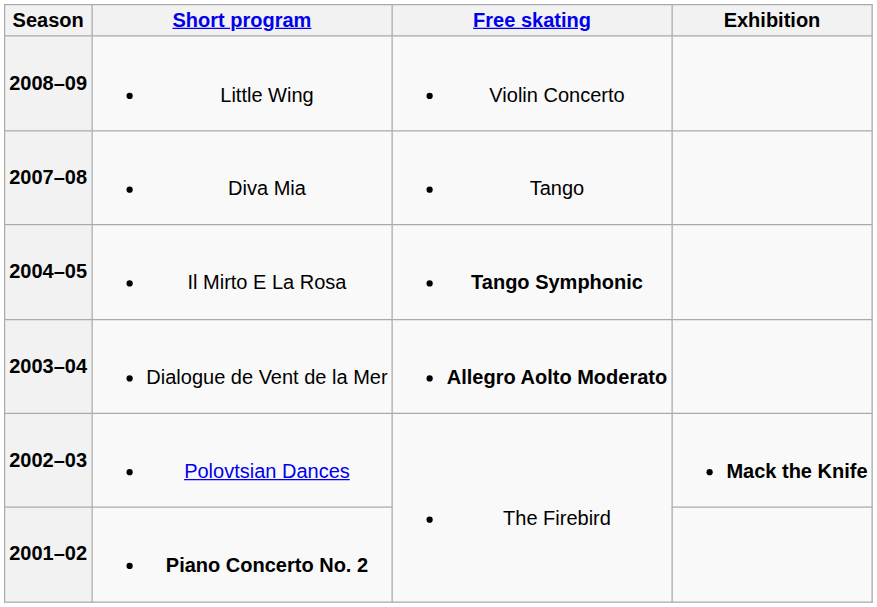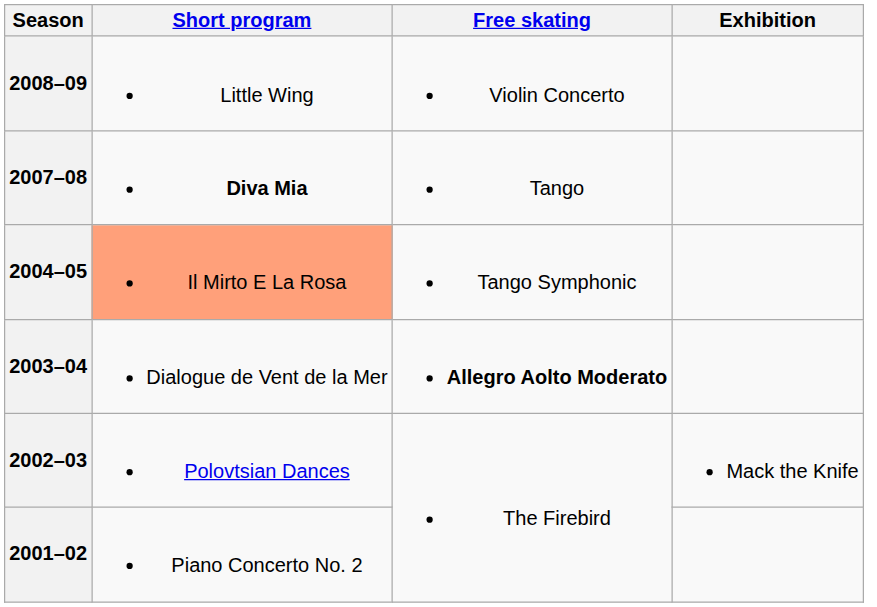 <table class="wikitable" style="text-align: center">
 <tr>
 <th>Season</th>
 <th><a href='#'>Short program</a></th>
 <th><a href='#'>Free skating</a></th>
 <th>Exhibition</th>
 </tr>
 <tr>
 <th>2008–09 <br> </th>
 <td><br><ul><li>Little Wing <br></li></ul></td>
 <td><br><ul><li>Violin Concerto <br></li></ul></td>
 <td></td>
 </tr>
 <tr>
 <th>2007–08</th>
-<td><br><ul><li>Diva Mia</li></ul></td>
+<td><strong><br><ul><li>Diva Mia</li></ul></strong></td>
 <td><br><ul><li>Tango</li></ul></td>
 <td></td>
 </tr>
 <tr>
 <th>2004–05 <br> </th>
-<td><br><ul><li>Il Mirto E La Rosa <br></li></ul></td>
-<td><strong><br><ul><li>Tango Symphonic <br></li></ul></strong></td>
+<td style="background: lightsalmon;"><br><ul><li>Il Mirto E La Rosa <br></li></ul></td>
+<td><br><ul><li>Tango Symphonic <br></li></ul></td>
 <td></td>
 </tr>
 <tr>
 <th>2003–04 <br> </th>
 <td><br><ul><li>Dialogue de Vent de la Mer <br></li></ul></td>
 <td><strong><br><ul><li>Allegro Aolto Moderato <br></li></ul></strong></td>
 <td></td>
 </tr>
 <tr>
 <th>2002–03 <br> </th>
 <td><br><ul><li><a href='#'>Polovtsian Dances</a> <br></li></ul></td>
 <td rowspan=2><br><ul><li>The Firebird <br></li></ul></td>
-<td><strong><br><ul><li>Mack the Knife</li></ul></strong></td>
+<td><br><ul><li>Mack the Knife</li></ul></td>
 </tr>
 <tr>
 <th>2001–02 <br> </th>
-<td><strong><br><ul><li>Piano Concerto No. 2 <br></li></ul></strong></td>
+<td><br><ul><li>Piano Concerto No. 2 <br></li></ul></td>
 <td></td>
 </tr>
 </table>
